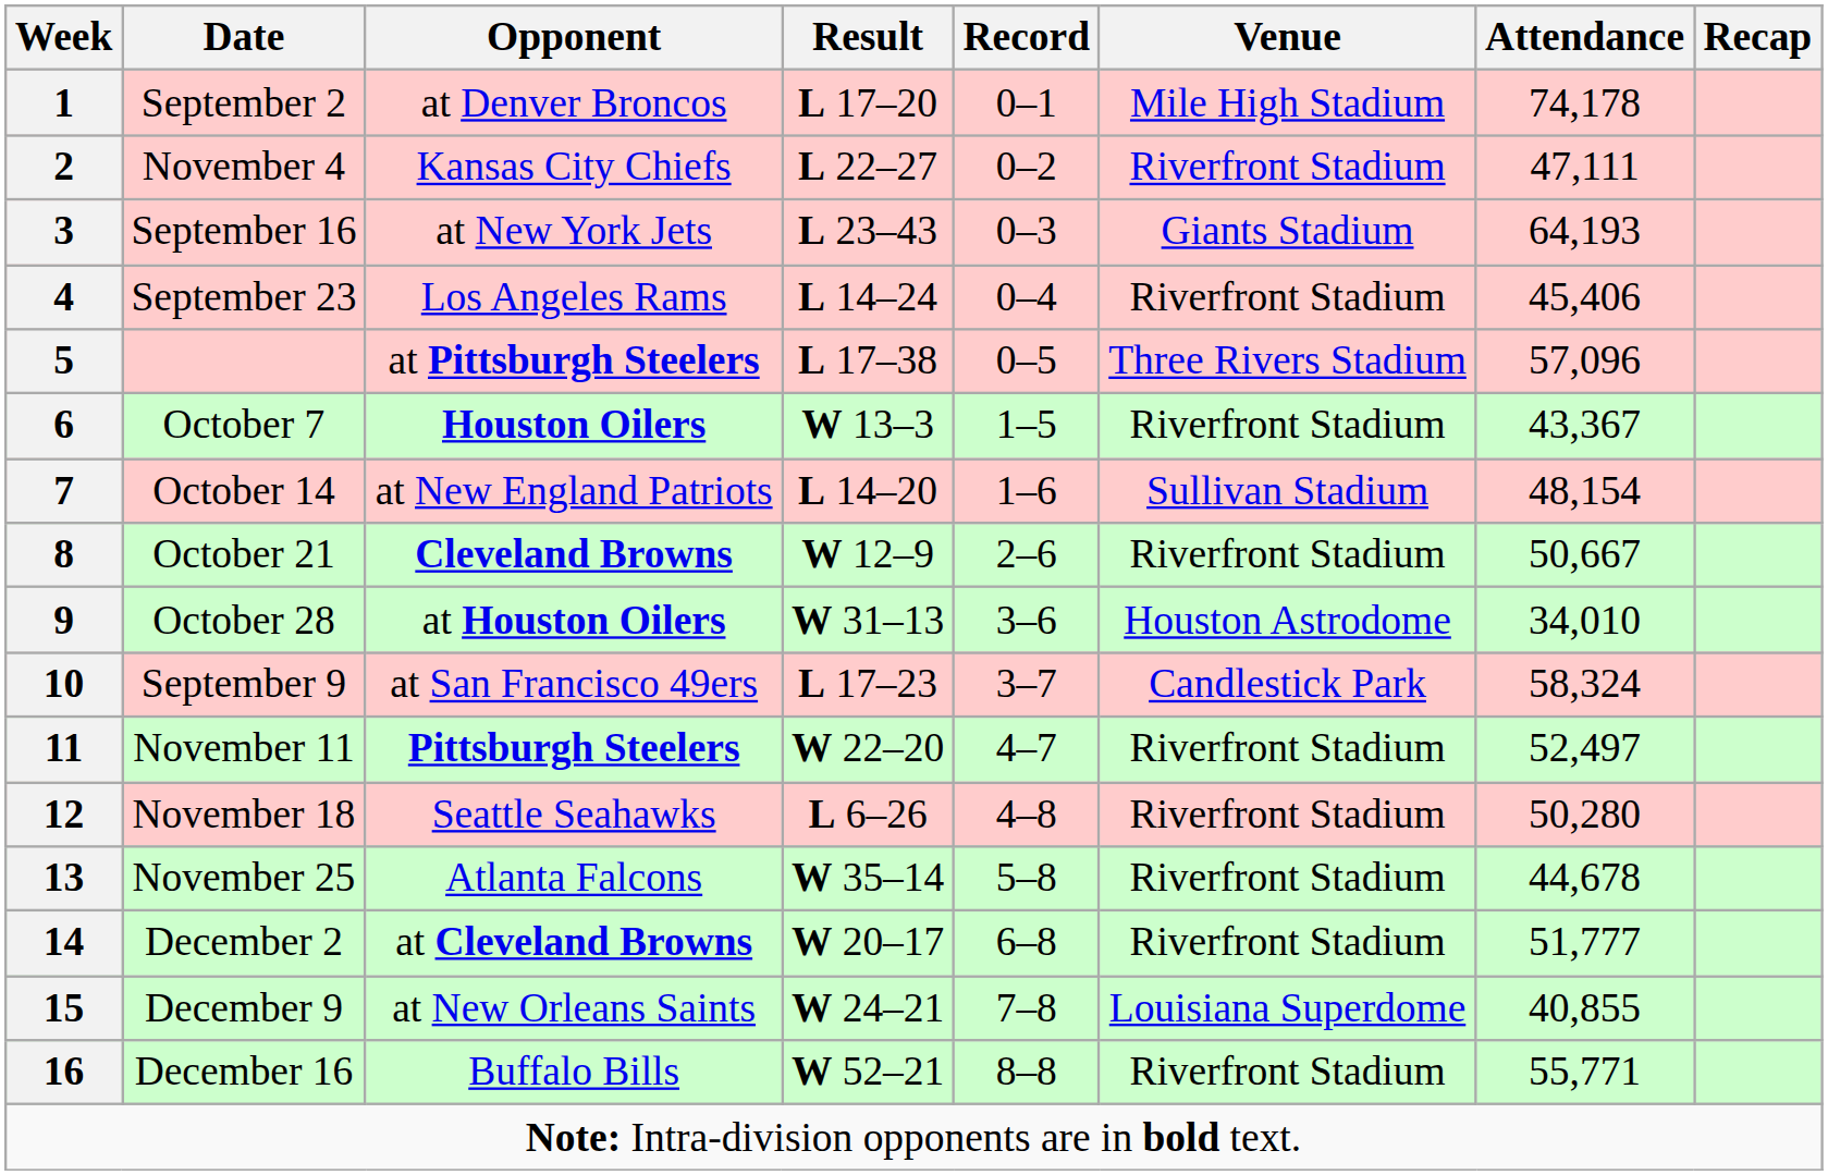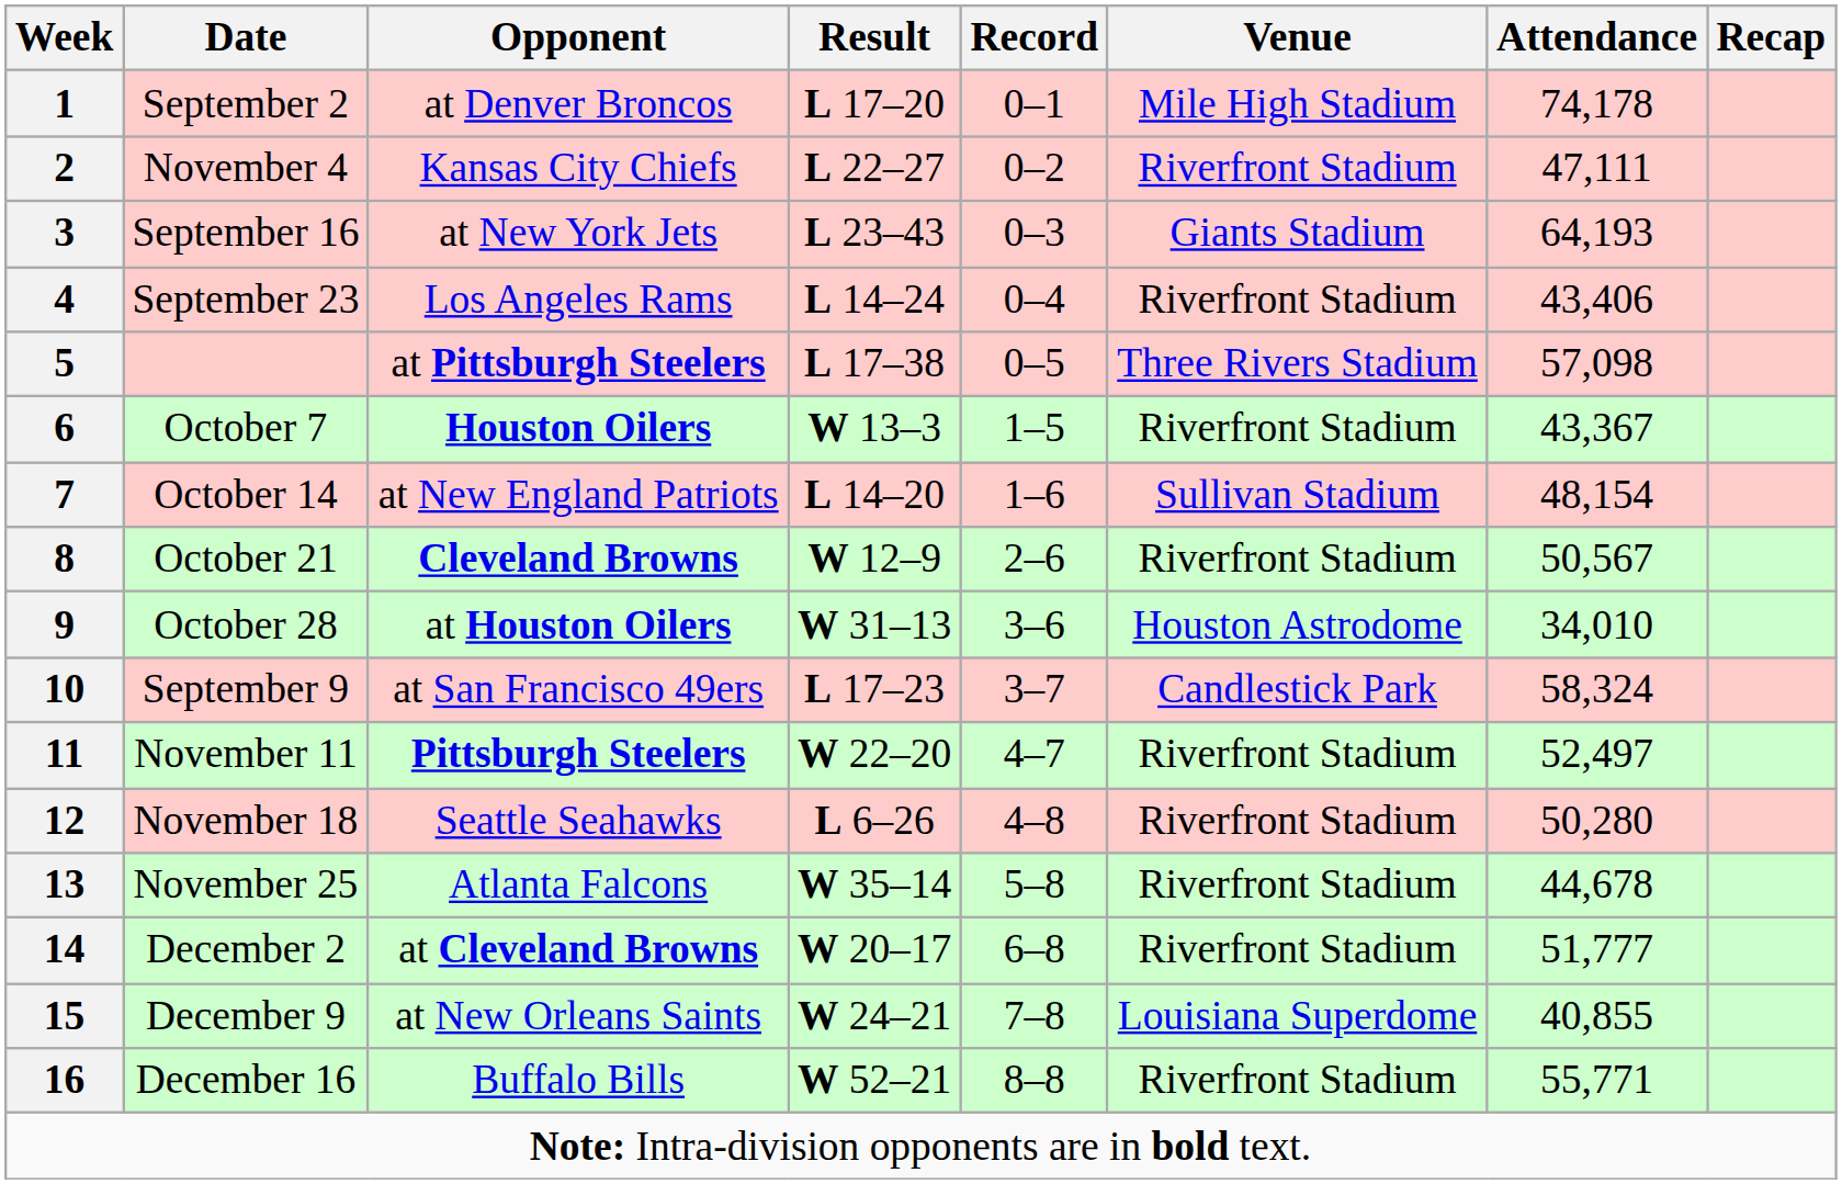 <table class="wikitable" style="text-align:center">
 <tr>
 <th>Week</th>
 <th>Date</th>
 <th>Opponent</th>
 <th>Result</th>
 <th>Record</th>
 <th>Venue</th>
 <th>Attendance</th>
 <th>Recap</th>
 </tr>
 <tr style="background:#fcc">
 <th>1</th>
 <td>September 2</td>
 <td>at <a href='#'>Denver Broncos</a></td>
 <td><strong>L</strong> 17–20</td>
 <td>0–1</td>
 <td><a href='#'>Mile High Stadium</a></td>
 <td>74,178</td>
 <td></td>
 </tr>
 <tr style="background:#fcc">
 <th>2</th>
 <td>November 4</td>
 <td><a href='#'>Kansas City Chiefs</a></td>
 <td><strong>L</strong> 22–27</td>
 <td>0–2</td>
 <td><a href='#'>Riverfront Stadium</a></td>
 <td>47,111</td>
 <td></td>
 </tr>
 <tr style="background:#fcc">
 <th>3</th>
 <td>September 16</td>
 <td>at <a href='#'>New York Jets</a></td>
 <td><strong>L</strong> 23–43</td>
 <td>0–3</td>
 <td><a href='#'>Giants Stadium</a></td>
 <td>64,193</td>
 <td></td>
 </tr>
 <tr style="background: #fcc;">
 <th>4</th>
 <td>September 23</td>
 <td><a href='#'>Los Angeles Rams</a></td>
 <td><strong>L</strong> 14–24</td>
 <td>0–4</td>
 <td>Riverfront Stadium</td>
-<td>45,406</td>
+<td>43,406</td>
 <td></td>
 </tr>
 <tr style="background:#fcc">
 <th>5</th>
 <td></td>
 <td>at <strong><a href='#'>Pittsburgh Steelers</a></strong></td>
 <td><strong>L</strong> 17–38</td>
 <td>0–5</td>
 <td><a href='#'>Three Rivers Stadium</a></td>
-<td>57,096</td>
+<td>57,098</td>
 <td></td>
 </tr>
 <tr style="background:#cfc">
 <th>6</th>
 <td>October 7</td>
 <td><strong><a href='#'>Houston Oilers</a></strong></td>
 <td><strong>W</strong> 13–3</td>
 <td>1–5</td>
 <td>Riverfront Stadium</td>
 <td>43,367</td>
 <td></td>
 </tr>
 <tr style="background:#fcc">
 <th>7</th>
 <td>October 14</td>
 <td>at <a href='#'>New England Patriots</a></td>
 <td><strong>L</strong> 14–20</td>
 <td>1–6</td>
 <td><a href='#'>Sullivan Stadium</a></td>
 <td>48,154</td>
 <td></td>
 </tr>
 <tr style="background:#cfc">
 <th>8</th>
 <td>October 21</td>
 <td><strong><a href='#'>Cleveland Browns</a></strong></td>
 <td><strong>W</strong> 12–9</td>
 <td>2–6</td>
 <td>Riverfront Stadium</td>
-<td>50,667</td>
+<td>50,567</td>
 <td></td>
 </tr>
 <tr style="background:#cfc">
 <th>9</th>
 <td>October 28</td>
 <td>at <strong><a href='#'>Houston Oilers</a></strong></td>
 <td><strong>W</strong> 31–13</td>
 <td>3–6</td>
 <td><a href='#'>Houston Astrodome</a></td>
 <td>34,010</td>
 <td></td>
 </tr>
 <tr style="background:#fcc">
 <th>10</th>
 <td>September 9</td>
 <td>at <a href='#'>San Francisco 49ers</a></td>
 <td><strong>L</strong> 17–23</td>
 <td>3–7</td>
 <td><a href='#'>Candlestick Park</a></td>
 <td>58,324</td>
 <td></td>
 </tr>
 <tr style="background:#cfc">
 <th>11</th>
 <td>November 11</td>
 <td><strong><a href='#'>Pittsburgh Steelers</a></strong></td>
 <td><strong>W</strong> 22–20</td>
 <td>4–7</td>
 <td>Riverfront Stadium</td>
 <td>52,497</td>
 <td></td>
 </tr>
 <tr style="background:#fcc">
 <th>12</th>
 <td>November 18</td>
 <td><a href='#'>Seattle Seahawks</a></td>
 <td><strong>L</strong> 6–26</td>
 <td>4–8</td>
 <td>Riverfront Stadium</td>
 <td>50,280</td>
 <td></td>
 </tr>
 <tr style="background:#cfc">
 <th>13</th>
 <td>November 25</td>
 <td><a href='#'>Atlanta Falcons</a></td>
 <td><strong>W</strong> 35–14</td>
 <td>5–8</td>
 <td>Riverfront Stadium</td>
 <td>44,678</td>
 <td></td>
 </tr>
 <tr style="background:#cfc">
 <th>14</th>
 <td>December 2</td>
 <td>at <strong><a href='#'>Cleveland Browns</a></strong></td>
 <td><strong>W</strong> 20–17</td>
 <td>6–8</td>
 <td>Riverfront Stadium</td>
 <td>51,777</td>
 <td></td>
 </tr>
 <tr style="background:#cfc">
 <th>15</th>
 <td>December 9</td>
 <td>at <a href='#'>New Orleans Saints</a></td>
 <td><strong>W</strong> 24–21</td>
 <td>7–8</td>
 <td><a href='#'>Louisiana Superdome</a></td>
 <td>40,855</td>
 <td></td>
 </tr>
 <tr style="background:#cfc">
 <th>16</th>
 <td>December 16</td>
 <td><a href='#'>Buffalo Bills</a></td>
 <td><strong>W</strong> 52–21</td>
 <td>8–8</td>
 <td>Riverfront Stadium</td>
 <td>55,771</td>
 <td></td>
 </tr>
 <tr>
 <td colspan="8"><strong>Note:</strong> Intra-division opponents are in <strong>bold</strong> text.</td>
 </tr>
 </table>
